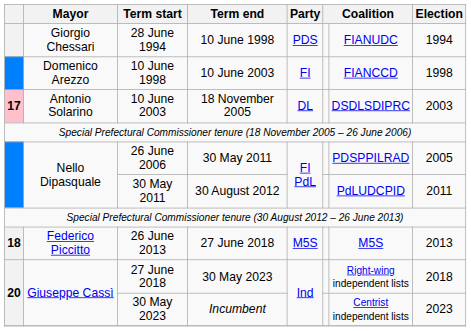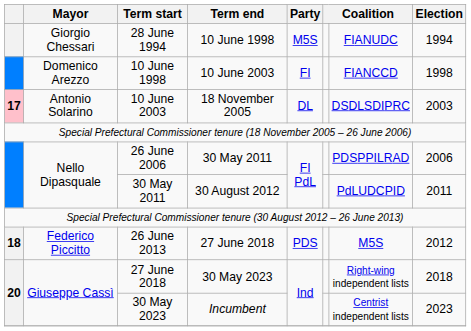 <table class="wikitable" style="text-align: center;">
 <tr>
 <th class=unsortable> </th>
 <th>Mayor</th>
 <th>Term start</th>
 <th>Term end</th>
 <th>Party</th>
 <th colspan="2">Coalition</th>
 <th>Election</th>
 </tr>
 <tr>
 <th style="background:"></th>
 <td>Giorgio Chessari</td>
 <td>28 June 1994</td>
 <td>10 June 1998</td>
-<td><a href='#'>PDS</a></td>
+<td><a href='#'>M5S</a></td>
 <td style="background: "></td>
 <td><a href='#'>FI</a><a href='#'>AN</a><a href='#'>UDC</a></td>
 <td>1994</td>
 </tr>
 <tr>
 <th style="background:#007FFF;"></th>
 <td>Domenico Arezzo</td>
 <td>10 June 1998</td>
 <td>10 June 2003</td>
 <td><a href='#'>FI</a></td>
 <td style="background: "></td>
 <td><a href='#'>FI</a><a href='#'>AN</a><a href='#'>CCD</a></td>
 <td>1998</td>
 </tr>
 <tr>
 <th style="background:pink;">17</th>
 <td>Antonio Solarino</td>
 <td>10 June 2003</td>
 <td>18 November 2005</td>
 <td><a href='#'>DL</a></td>
 <td style="background: "></td>
 <td><a href='#'>DS</a><a href='#'>DL</a><a href='#'>SDI</a><a href='#'>PRC</a></td>
 <td>2003</td>
 </tr>
 <tr>
 <td colspan="8"><small><em>Special Prefectural Commissioner tenure (18 November 2005 – 26 June 2006)</em></small></td>
 </tr>
 <tr>
 <th rowspan=2 style="background:#007FFF;"></th>
 <td rowspan=2>Nello Dipasquale</td>
 <td>26 June 2006</td>
 <td>30 May 2011</td>
 <td rowspan=2><a href='#'>FI</a><br><a href='#'>PdL</a></td>
 <td style="background: "></td>
 <td><a href='#'>PDS</a><a href='#'>PPI</a><a href='#'>LR</a><a href='#'>AD</a></td>
-<td>2005</td>
+<td>2006</td>
 </tr>
 <tr>
 <td>30 May 2011</td>
 <td>30 August 2012</td>
 <td style="background: "></td>
 <td><a href='#'>PdL</a><a href='#'>UDC</a><a href='#'>PID</a></td>
 <td>2011</td>
 </tr>
 <tr>
 <td colspan="8"><small><em>Special Prefectural Commissioner tenure (30 August 2012 – 26 June 2013)</em></small></td>
 </tr>
 <tr>
 <th style="background:">18</th>
 <td><a href='#'>Federico Piccitto</a></td>
 <td>26 June 2013</td>
 <td>27 June 2018</td>
-<td><a href='#'>M5S</a></td>
+<td><a href='#'>PDS</a></td>
 <td style="background: "></td>
 <td><a href='#'>M5S</a></td>
-<td>2013</td>
+<td>2012</td>
 </tr>
 <tr>
 <th rowspan=2 style="background:">20</th>
 <td rowspan=2><a href='#'>Giuseppe Cassì</a></td>
 <td>27 June 2018</td>
 <td>30 May 2023</td>
 <td rowspan=2><a href='#'>Ind</a></td>
 <td style="background:"></td>
 <td><small><a href='#'>Right-wing</a> <br>independent lists</small></td>
 <td>2018</td>
 </tr>
 <tr>
 <td>30 May 2023</td>
 <td><em>Incumbent</em></td>
 <td style="background:"></td>
 <td><small><a href='#'>Centrist</a> <br>independent lists</small></td>
 <td>2023</td>
 </tr>
 <tr>
 </tr>
 </table>
